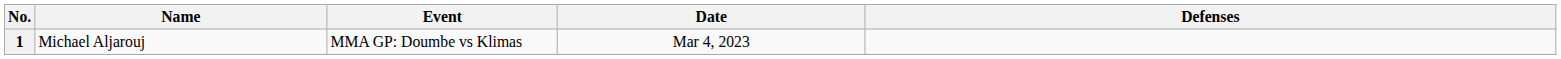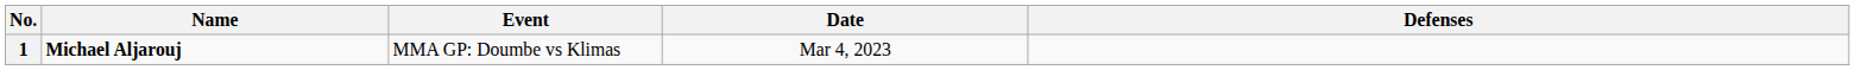 <table class="wikitable" width=100%>
 <tr>
 <th width=1%>No.</th>
 <th width=19%>Name</th>
 <th width=15%>Event</th>
 <th width=20%>Date</th>
 <th width=45%>Defenses</th>
 </tr>
 <tr>
 <th>1</th>
-<td> Michael Aljarouj <br></td>
+<td><strong> Michael Aljarouj <br></strong></td>
 <td>MMA GP: Doumbe vs Klimas <br></td>
 <td align=center>Mar 4, 2023</td>
 <td><br></td>
 </tr>
 <tr>
 </tr>
 </table>
